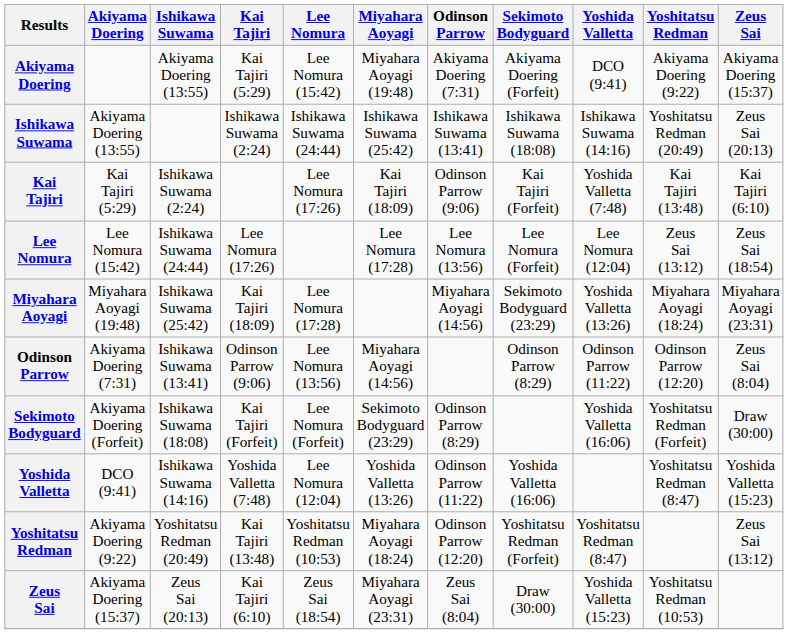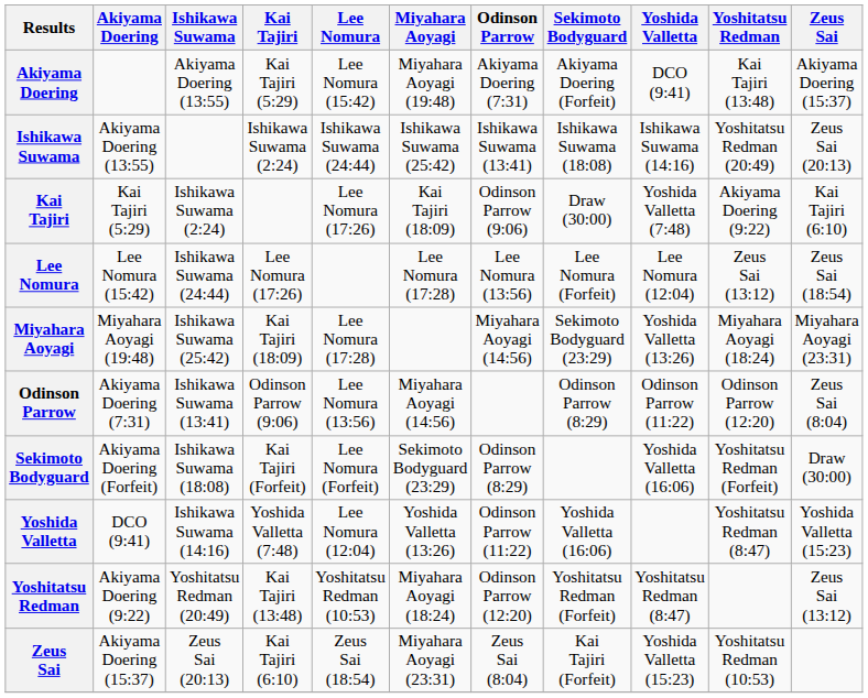 <table class="wikitable" style="text-align:center; margin: 1em auto 1em auto">
 <tr>
 <th>Results</th>
 <th><a href='#'>Akiyama</a><br><a href='#'>Doering</a></th>
 <th><a href='#'>Ishikawa</a><br><a href='#'>Suwama</a></th>
 <th><a href='#'>Kai</a><br><a href='#'>Tajiri</a></th>
 <th><a href='#'>Lee</a><br><a href='#'>Nomura</a></th>
 <th><a href='#'>Miyahara</a><br><a href='#'>Aoyagi</a></th>
 <th>Odinson<br><a href='#'>Parrow</a></th>
 <th><a href='#'>Sekimoto</a><br><a href='#'>Bodyguard</a></th>
 <th><a href='#'>Yoshida</a><br><a href='#'>Valletta</a></th>
 <th><a href='#'>Yoshitatsu</a><br><a href='#'>Redman</a></th>
 <th><a href='#'>Zeus</a><br><a href='#'>Sai</a></th>
 </tr>
 <tr>
 <th><a href='#'>Akiyama</a><br><a href='#'>Doering</a></th>
 <td></td>
 <td>Akiyama<br>Doering<br>(13:55)</td>
 <td>Kai<br>Tajiri<br>(5:29)</td>
 <td>Lee<br>Nomura<br>(15:42)</td>
 <td>Miyahara<br>Aoyagi<br>(19:48)</td>
 <td>Akiyama<br>Doering<br>(7:31)</td>
 <td>Akiyama<br>Doering<br>(Forfeit)</td>
 <td>DCO<br>(9:41)</td>
-<td>Akiyama<br>Doering<br>(9:22)</td>
+<td>Kai<br>Tajiri<br>(13:48)</td>
 <td>Akiyama<br>Doering<br>(15:37)</td>
 </tr>
 <tr>
 <th><a href='#'>Ishikawa</a><br><a href='#'>Suwama</a></th>
 <td>Akiyama<br>Doering<br>(13:55)</td>
 <td></td>
 <td>Ishikawa<br>Suwama<br>(2:24)</td>
 <td>Ishikawa<br>Suwama<br>(24:44)</td>
 <td>Ishikawa<br>Suwama<br>(25:42)</td>
 <td>Ishikawa<br>Suwama<br>(13:41)</td>
 <td>Ishikawa<br>Suwama<br>(18:08)</td>
 <td>Ishikawa<br>Suwama<br>(14:16)</td>
 <td>Yoshitatsu<br>Redman<br>(20:49)</td>
 <td>Zeus<br>Sai<br>(20:13)</td>
 </tr>
 <tr>
 <th><a href='#'>Kai</a><br><a href='#'>Tajiri</a></th>
 <td>Kai<br>Tajiri<br>(5:29)</td>
 <td>Ishikawa<br>Suwama<br>(2:24)</td>
 <td></td>
 <td>Lee<br>Nomura<br>(17:26)</td>
 <td>Kai<br>Tajiri<br>(18:09)</td>
 <td>Odinson<br>Parrow<br>(9:06)</td>
-<td>Kai<br>Tajiri<br>(Forfeit)</td>
+<td>Draw<br>(30:00)</td>
 <td>Yoshida<br>Valletta<br>(7:48)</td>
-<td>Kai<br>Tajiri<br>(13:48)</td>
+<td>Akiyama<br>Doering<br>(9:22)</td>
 <td>Kai<br>Tajiri<br>(6:10)</td>
 </tr>
 <tr>
 <th><a href='#'>Lee</a><br><a href='#'>Nomura</a></th>
 <td>Lee<br>Nomura<br>(15:42)</td>
 <td>Ishikawa<br>Suwama<br>(24:44)</td>
 <td>Lee<br>Nomura<br>(17:26)</td>
 <td></td>
 <td>Lee<br>Nomura<br>(17:28)</td>
 <td>Lee<br>Nomura<br>(13:56)</td>
 <td>Lee<br>Nomura<br>(Forfeit)</td>
 <td>Lee<br>Nomura<br>(12:04)</td>
 <td>Zeus<br>Sai<br>(13:12)</td>
 <td>Zeus<br>Sai<br>(18:54)</td>
 </tr>
 <tr>
 <th><a href='#'>Miyahara</a><br><a href='#'>Aoyagi</a></th>
 <td>Miyahara<br>Aoyagi<br>(19:48)</td>
 <td>Ishikawa<br>Suwama<br>(25:42)</td>
 <td>Kai<br>Tajiri<br>(18:09)</td>
 <td>Lee<br>Nomura<br>(17:28)</td>
 <td></td>
 <td>Miyahara<br>Aoyagi<br>(14:56)</td>
 <td>Sekimoto<br>Bodyguard<br>(23:29)</td>
 <td>Yoshida<br>Valletta<br>(13:26)</td>
 <td>Miyahara<br>Aoyagi<br>(18:24)</td>
 <td>Miyahara<br>Aoyagi<br>(23:31)</td>
 </tr>
 <tr>
 <th>Odinson<br><a href='#'>Parrow</a></th>
 <td>Akiyama<br>Doering<br>(7:31)</td>
 <td>Ishikawa<br>Suwama<br>(13:41)</td>
 <td>Odinson<br>Parrow<br>(9:06)</td>
 <td>Lee<br>Nomura<br>(13:56)</td>
 <td>Miyahara<br>Aoyagi<br>(14:56)</td>
 <td></td>
 <td>Odinson<br>Parrow<br>(8:29)</td>
 <td>Odinson<br>Parrow<br>(11:22)</td>
 <td>Odinson<br>Parrow<br>(12:20)</td>
 <td>Zeus<br>Sai<br>(8:04)</td>
 </tr>
 <tr>
 <th><a href='#'>Sekimoto</a><br><a href='#'>Bodyguard</a></th>
 <td>Akiyama<br>Doering<br>(Forfeit)</td>
 <td>Ishikawa<br>Suwama<br>(18:08)</td>
 <td>Kai<br>Tajiri<br>(Forfeit)</td>
 <td>Lee<br>Nomura<br>(Forfeit)</td>
 <td>Sekimoto<br>Bodyguard<br>(23:29)</td>
 <td>Odinson<br>Parrow<br>(8:29)</td>
 <td></td>
 <td>Yoshida<br>Valletta<br>(16:06)</td>
 <td>Yoshitatsu<br>Redman<br>(Forfeit)</td>
 <td>Draw<br>(30:00)</td>
 </tr>
 <tr>
 <th><a href='#'>Yoshida</a><br><a href='#'>Valletta</a></th>
 <td>DCO<br>(9:41)</td>
 <td>Ishikawa<br>Suwama<br>(14:16)</td>
 <td>Yoshida<br>Valletta<br>(7:48)</td>
 <td>Lee<br>Nomura<br>(12:04)</td>
 <td>Yoshida<br>Valletta<br>(13:26)</td>
 <td>Odinson<br>Parrow<br>(11:22)</td>
 <td>Yoshida<br>Valletta<br>(16:06)</td>
 <td></td>
 <td>Yoshitatsu<br>Redman<br>(8:47)</td>
 <td>Yoshida<br>Valletta<br>(15:23)</td>
 </tr>
 <tr>
 <th><a href='#'>Yoshitatsu</a><br><a href='#'>Redman</a></th>
 <td>Akiyama<br>Doering<br>(9:22)</td>
 <td>Yoshitatsu<br>Redman<br>(20:49)</td>
 <td>Kai<br>Tajiri<br>(13:48)</td>
 <td>Yoshitatsu<br>Redman<br>(10:53)</td>
 <td>Miyahara<br>Aoyagi<br>(18:24)</td>
 <td>Odinson<br>Parrow<br>(12:20)</td>
 <td>Yoshitatsu<br>Redman<br>(Forfeit)</td>
 <td>Yoshitatsu<br>Redman<br>(8:47)</td>
 <td></td>
 <td>Zeus<br>Sai<br>(13:12)</td>
 </tr>
 <tr>
 <th><a href='#'>Zeus</a><br><a href='#'>Sai</a></th>
 <td>Akiyama<br>Doering<br>(15:37)</td>
 <td>Zeus<br>Sai<br>(20:13)</td>
 <td>Kai<br>Tajiri<br>(6:10)</td>
 <td>Zeus<br>Sai<br>(18:54)</td>
 <td>Miyahara<br>Aoyagi<br>(23:31)</td>
 <td>Zeus<br>Sai<br>(8:04)</td>
-<td>Draw<br>(30:00)</td>
+<td>Kai<br>Tajiri<br>(Forfeit)</td>
 <td>Yoshida<br>Valletta<br>(15:23)</td>
 <td>Yoshitatsu<br>Redman<br>(10:53)</td>
 <td></td>
 </tr>
 <tr>
 </tr>
 </table>
